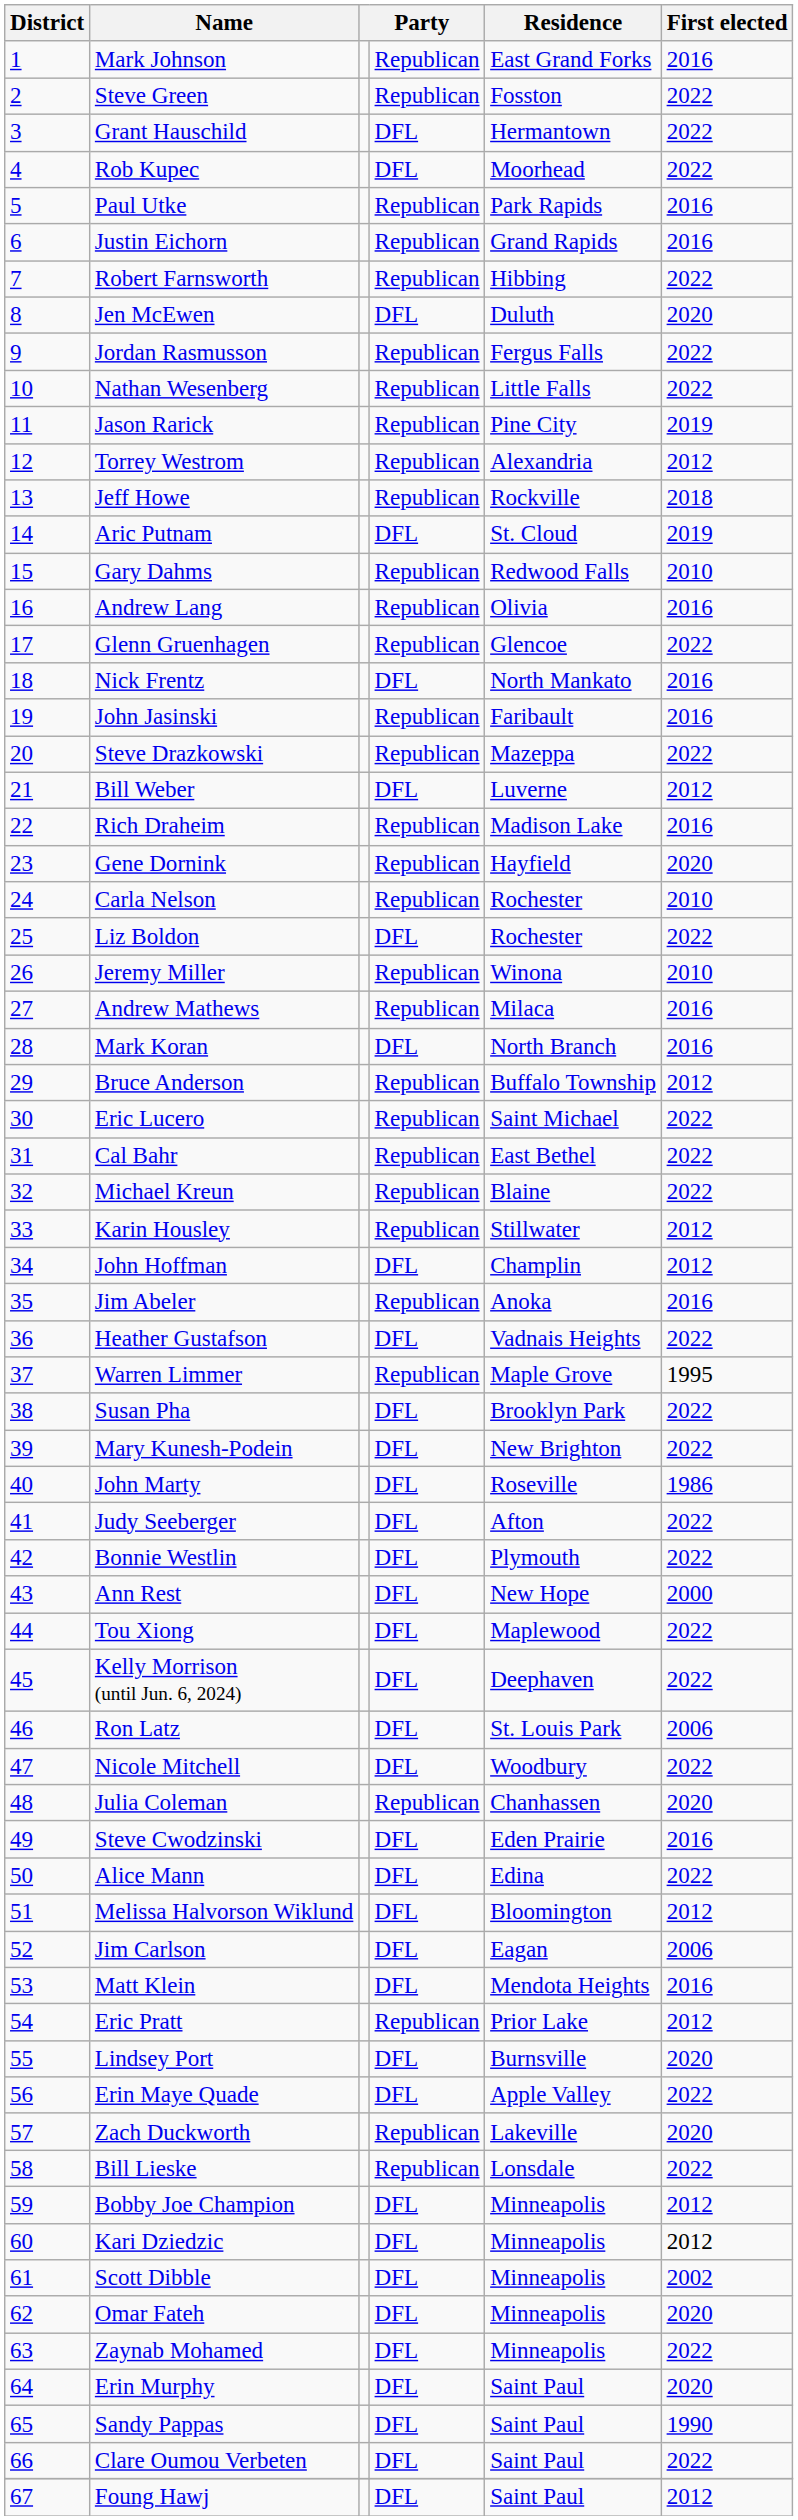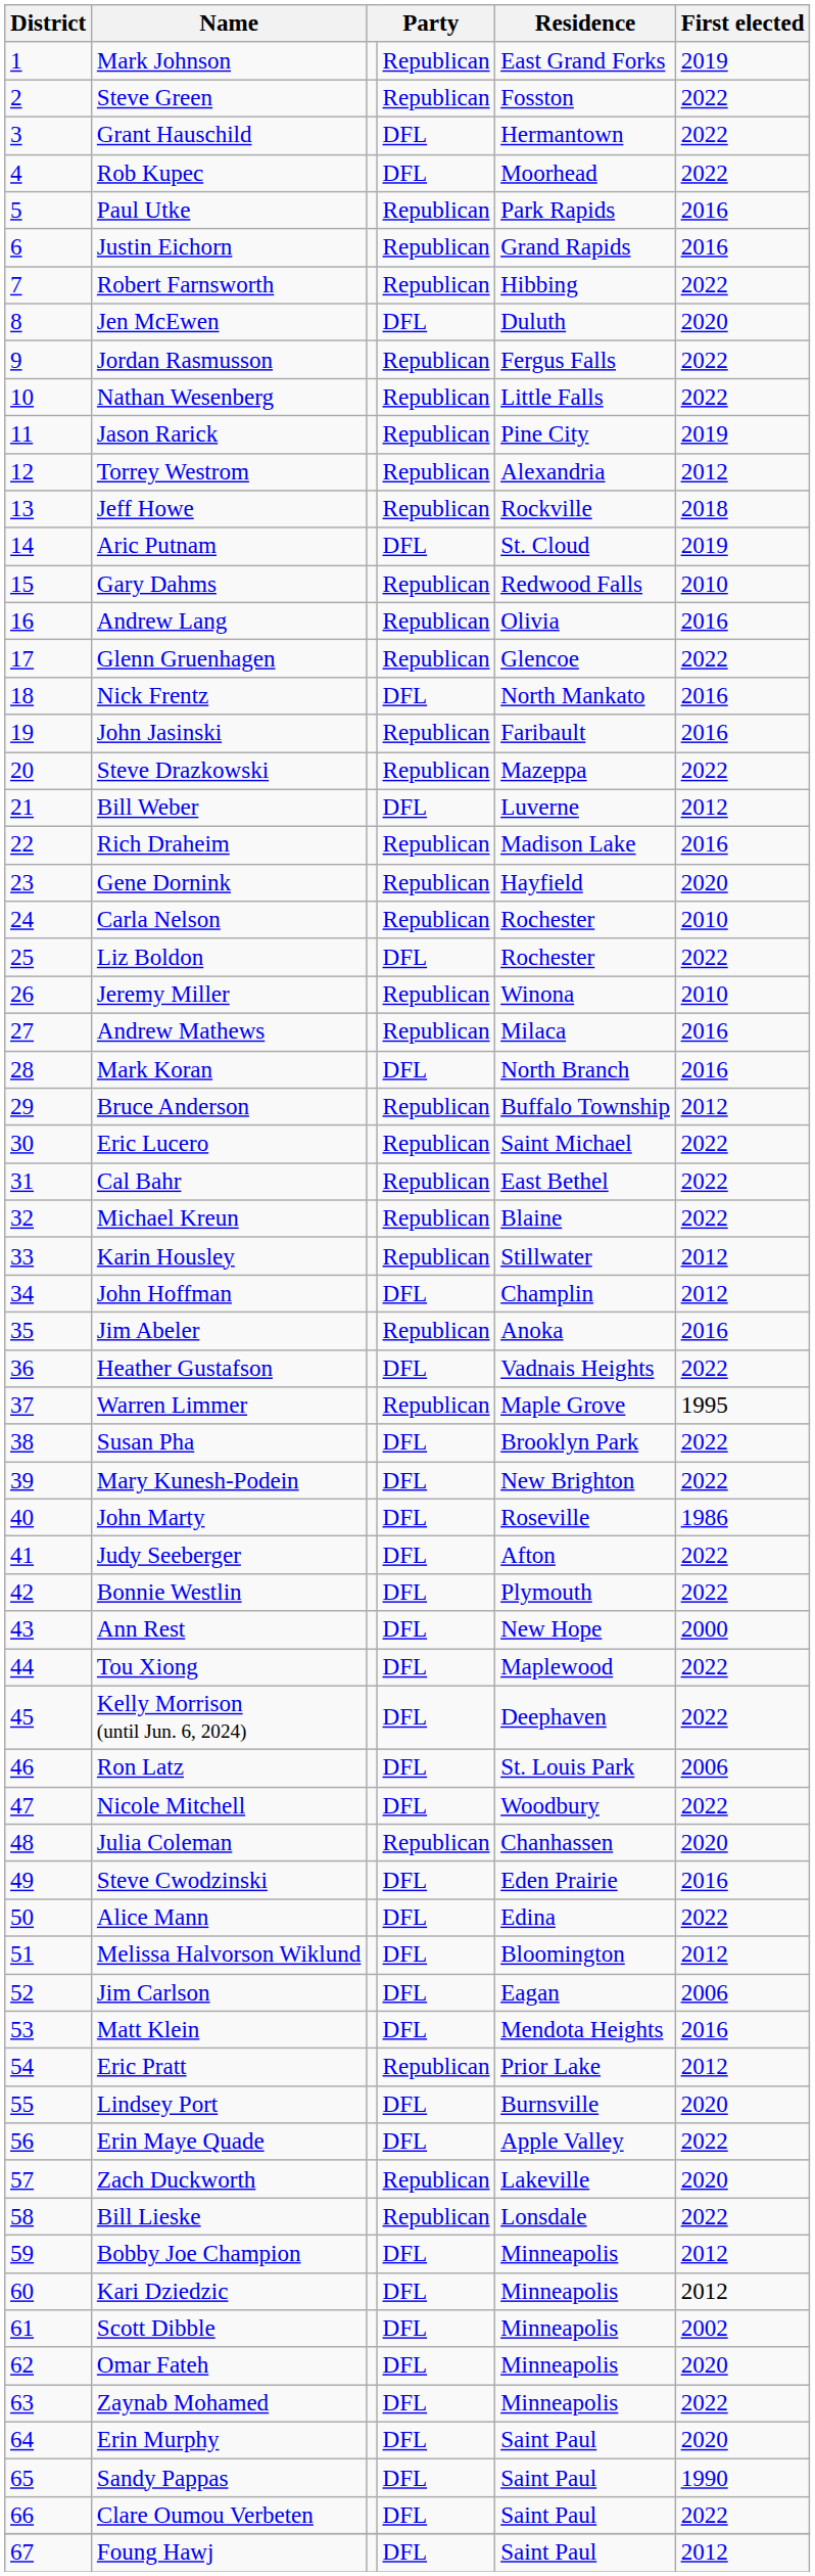 <table class="wikitable sortable">
 <tr>
 <th>District</th>
 <th>Name</th>
 <th colspan=2>Party</th>
 <th>Residence</th>
 <th>First elected</th>
 </tr>
 <tr>
 <td><a href='#'>1</a></td>
 <td data-sort-value="Johnson, Mark"><a href='#'>Mark Johnson</a></td>
 <td style="background:"></td>
 <td><a href='#'>Republican</a></td>
 <td><a href='#'>East Grand Forks</a></td>
-<td><a href='#'>2016</a></td>
+<td><a href='#'>2019</a></td>
 </tr>
 <tr>
 <td><a href='#'>2</a></td>
 <td data-sort-value="Green, Steve"><a href='#'>Steve Green</a></td>
 <td style="background:"></td>
 <td><a href='#'>Republican</a></td>
 <td><a href='#'>Fosston</a></td>
 <td><a href='#'>2022</a></td>
 </tr>
 <tr>
 <td><a href='#'>3</a></td>
 <td data-sort-value="Hauschild, Grant"><a href='#'>Grant Hauschild</a></td>
 <td style="background:"></td>
 <td><a href='#'>DFL</a></td>
 <td><a href='#'>Hermantown</a></td>
 <td><a href='#'>2022</a></td>
 </tr>
 <tr>
 <td><a href='#'>4</a></td>
 <td data-sort-value="Kupec, Rob"><a href='#'>Rob Kupec</a></td>
 <td style="background:"></td>
 <td><a href='#'>DFL</a></td>
 <td><a href='#'>Moorhead</a></td>
 <td><a href='#'>2022</a></td>
 </tr>
 <tr>
 <td><a href='#'>5</a></td>
 <td data-sort-value="Utke, Paul"><a href='#'>Paul Utke</a></td>
 <td style="background:"></td>
 <td><a href='#'>Republican</a></td>
 <td><a href='#'>Park Rapids</a></td>
 <td><a href='#'>2016</a></td>
 </tr>
 <tr>
 <td><a href='#'>6</a></td>
 <td data-sort-value="Eichorn, Justin"><a href='#'>Justin Eichorn</a></td>
 <td style="background:"></td>
 <td><a href='#'>Republican</a></td>
 <td><a href='#'>Grand Rapids</a></td>
 <td><a href='#'>2016</a></td>
 </tr>
 <tr>
 <td><a href='#'>7</a></td>
 <td data-sort-value="Farnsworth, Rob"><a href='#'>Robert Farnsworth</a></td>
 <td style="background:"></td>
 <td><a href='#'>Republican</a></td>
 <td><a href='#'>Hibbing</a></td>
 <td><a href='#'>2022</a></td>
 </tr>
 <tr>
 <td><a href='#'>8</a></td>
 <td data-sort-value="McEwen, Jen"><a href='#'>Jen McEwen</a></td>
 <td style="background:"></td>
 <td><a href='#'>DFL</a></td>
 <td><a href='#'>Duluth</a></td>
 <td><a href='#'>2020</a></td>
 </tr>
 <tr>
 <td><a href='#'>9</a></td>
 <td data-sort-value="Rasmusson, Jordan"><a href='#'>Jordan Rasmusson</a></td>
 <td style="background:"></td>
 <td><a href='#'>Republican</a></td>
 <td><a href='#'>Fergus Falls</a></td>
 <td><a href='#'>2022</a></td>
 </tr>
 <tr>
 <td><a href='#'>10</a></td>
 <td data-sort-value="Wesenberg, Nathan"><a href='#'>Nathan Wesenberg</a></td>
 <td style="background:"></td>
 <td><a href='#'>Republican</a></td>
 <td><a href='#'>Little Falls</a></td>
 <td><a href='#'>2022</a></td>
 </tr>
 <tr>
 <td><a href='#'>11</a></td>
 <td data-sort-value="Rarick, Jason"><a href='#'>Jason Rarick</a></td>
 <td style="background:"></td>
 <td><a href='#'>Republican</a></td>
 <td><a href='#'>Pine City</a></td>
 <td><a href='#'>2019</a></td>
 </tr>
 <tr>
 <td><a href='#'>12</a></td>
 <td data-sort-value="Westrom, Torrey"><a href='#'>Torrey Westrom</a></td>
 <td style="background:"></td>
 <td><a href='#'>Republican</a></td>
 <td><a href='#'>Alexandria</a></td>
 <td><a href='#'>2012</a></td>
 </tr>
 <tr>
 <td><a href='#'>13</a></td>
 <td data-sort-value="Howe, Jeff"><a href='#'>Jeff Howe</a></td>
 <td style="background:"></td>
 <td><a href='#'>Republican</a></td>
 <td><a href='#'>Rockville</a></td>
 <td><a href='#'>2018</a></td>
 </tr>
 <tr>
 <td><a href='#'>14</a></td>
 <td data-sort-value="Putnam, Aric"><a href='#'>Aric Putnam</a></td>
 <td style="background:"></td>
 <td><a href='#'>DFL</a></td>
 <td><a href='#'>St. Cloud</a></td>
 <td><a href='#'>2019</a></td>
 </tr>
 <tr>
 <td><a href='#'>15</a></td>
 <td data-sort-value="Dahms, Gary"><a href='#'>Gary Dahms</a></td>
 <td style="background:"></td>
 <td><a href='#'>Republican</a></td>
 <td><a href='#'>Redwood Falls</a></td>
 <td><a href='#'>2010</a></td>
 </tr>
 <tr>
 <td><a href='#'>16</a></td>
 <td data-sort-value="Lang, Andrew"><a href='#'>Andrew Lang</a></td>
 <td style="background:"></td>
 <td><a href='#'>Republican</a></td>
 <td><a href='#'>Olivia</a></td>
 <td><a href='#'>2016</a></td>
 </tr>
 <tr>
 <td><a href='#'>17</a></td>
 <td data-sort-value="Gruenhagen, Glenn"><a href='#'>Glenn Gruenhagen</a></td>
 <td style="background:"></td>
 <td><a href='#'>Republican</a></td>
 <td><a href='#'>Glencoe</a></td>
 <td><a href='#'>2022</a></td>
 </tr>
 <tr>
 <td><a href='#'>18</a></td>
 <td data-sort-value="Frentz, Nick"><a href='#'>Nick Frentz</a></td>
 <td style="background:"></td>
 <td><a href='#'>DFL</a></td>
 <td><a href='#'>North Mankato</a></td>
 <td><a href='#'>2016</a></td>
 </tr>
 <tr>
 <td><a href='#'>19</a></td>
 <td data-sort-value="Jasinski, John"><a href='#'>John Jasinski</a></td>
 <td style="background:"></td>
 <td><a href='#'>Republican</a></td>
 <td><a href='#'>Faribault</a></td>
 <td><a href='#'>2016</a></td>
 </tr>
 <tr>
 <td><a href='#'>20</a></td>
 <td data-sort-value="Drazkowski, Steve"><a href='#'>Steve Drazkowski</a></td>
 <td style="background:"></td>
 <td><a href='#'>Republican</a></td>
 <td><a href='#'>Mazeppa</a></td>
 <td><a href='#'>2022</a></td>
 </tr>
 <tr>
 <td><a href='#'>21</a></td>
 <td data-sort-value="Weber, Bill"><a href='#'>Bill Weber</a></td>
 <td style="background:"></td>
 <td><a href='#'>DFL</a></td>
 <td><a href='#'>Luverne</a></td>
 <td><a href='#'>2012</a></td>
 </tr>
 <tr>
 <td><a href='#'>22</a></td>
 <td data-sort-value="Draheim, Rich"><a href='#'>Rich Draheim</a></td>
 <td style="background:"></td>
 <td><a href='#'>Republican</a></td>
 <td><a href='#'>Madison Lake</a></td>
 <td><a href='#'>2016</a></td>
 </tr>
 <tr>
 <td><a href='#'>23</a></td>
 <td data-sort-value="Dornik, Gene"><a href='#'>Gene Dornink</a></td>
 <td style="background:"></td>
 <td><a href='#'>Republican</a></td>
 <td><a href='#'>Hayfield</a></td>
 <td><a href='#'>2020</a></td>
 </tr>
 <tr>
 <td><a href='#'>24</a></td>
 <td data-sort-value="Nelson, Carla"><a href='#'>Carla Nelson</a></td>
 <td style="background:"></td>
 <td><a href='#'>Republican</a></td>
 <td><a href='#'>Rochester</a></td>
 <td><a href='#'>2010</a></td>
 </tr>
 <tr>
 <td><a href='#'>25</a></td>
 <td data-sort-value="Boldon, Liz"><a href='#'>Liz Boldon</a></td>
 <td style="background:"></td>
 <td><a href='#'>DFL</a></td>
 <td><a href='#'>Rochester</a></td>
 <td><a href='#'>2022</a></td>
 </tr>
 <tr>
 <td><a href='#'>26</a></td>
 <td data-sort-value="Miller, Jeremy"><a href='#'>Jeremy Miller</a></td>
 <td style="background:"></td>
 <td><a href='#'>Republican</a></td>
 <td><a href='#'>Winona</a></td>
 <td><a href='#'>2010</a></td>
 </tr>
 <tr>
 <td><a href='#'>27</a></td>
 <td data-sort-value="Mathews, Andrew"><a href='#'>Andrew Mathews</a></td>
 <td style="background:"></td>
 <td><a href='#'>Republican</a></td>
 <td><a href='#'>Milaca</a></td>
 <td><a href='#'>2016</a></td>
 </tr>
 <tr>
 <td><a href='#'>28</a></td>
 <td data-sort-value="Koran, Mark"><a href='#'>Mark Koran</a></td>
 <td style="background:"></td>
 <td><a href='#'>DFL</a></td>
 <td><a href='#'>North Branch</a></td>
 <td><a href='#'>2016</a></td>
 </tr>
 <tr>
 <td><a href='#'>29</a></td>
 <td data-sort-value="Anderson, Bruce"><a href='#'>Bruce Anderson</a></td>
 <td style="background:"></td>
 <td><a href='#'>Republican</a></td>
 <td><a href='#'>Buffalo Township</a></td>
 <td><a href='#'>2012</a></td>
 </tr>
 <tr>
 <td><a href='#'>30</a></td>
 <td data-sort-value="Lucero, Eric"><a href='#'>Eric Lucero</a></td>
 <td style="background:"></td>
 <td><a href='#'>Republican</a></td>
 <td><a href='#'>Saint Michael</a></td>
 <td><a href='#'>2022</a></td>
 </tr>
 <tr>
 <td><a href='#'>31</a></td>
 <td data-sort-value="Bahr, Cal"><a href='#'>Cal Bahr</a></td>
 <td style="background:"></td>
 <td><a href='#'>Republican</a></td>
 <td><a href='#'>East Bethel</a></td>
 <td><a href='#'>2022</a></td>
 </tr>
 <tr>
 <td><a href='#'>32</a></td>
 <td data-sort-value="Kreun, Michael"><a href='#'>Michael Kreun</a></td>
 <td style="background:"></td>
 <td><a href='#'>Republican</a></td>
 <td><a href='#'>Blaine</a></td>
 <td><a href='#'>2022</a></td>
 </tr>
 <tr>
 <td><a href='#'>33</a></td>
 <td data-sort-value="Housley, Karin"><a href='#'>Karin Housley</a></td>
 <td style="background:"></td>
 <td><a href='#'>Republican</a></td>
 <td><a href='#'>Stillwater</a></td>
 <td><a href='#'>2012</a></td>
 </tr>
 <tr>
 <td><a href='#'>34</a></td>
 <td data-sort-value="Hoffman, John"><a href='#'>John Hoffman</a></td>
 <td style="background:"></td>
 <td><a href='#'>DFL</a></td>
 <td><a href='#'>Champlin</a></td>
 <td><a href='#'>2012</a></td>
 </tr>
 <tr>
 <td><a href='#'>35</a></td>
 <td data-sort-value="Abeler, Jim"><a href='#'>Jim Abeler</a></td>
 <td style="background:"></td>
 <td><a href='#'>Republican</a></td>
 <td><a href='#'>Anoka</a></td>
 <td><a href='#'>2016</a></td>
 </tr>
 <tr>
 <td><a href='#'>36</a></td>
 <td data-sort-value="Gustafson, Heather"><a href='#'>Heather Gustafson</a></td>
 <td style="background:"></td>
 <td><a href='#'>DFL</a></td>
 <td><a href='#'>Vadnais Heights</a></td>
 <td><a href='#'>2022</a></td>
 </tr>
 <tr>
 <td><a href='#'>37</a></td>
 <td data-sort-value="Limmer, Warren"><a href='#'>Warren Limmer</a></td>
 <td style="background:"></td>
 <td><a href='#'>Republican</a></td>
 <td><a href='#'>Maple Grove</a></td>
 <td>1995</td>
 </tr>
 <tr>
 <td><a href='#'>38</a></td>
 <td data-sort-value="Pha, Susan"><a href='#'>Susan Pha</a></td>
 <td style="background:"></td>
 <td><a href='#'>DFL</a></td>
 <td><a href='#'>Brooklyn Park</a></td>
 <td><a href='#'>2022</a></td>
 </tr>
 <tr>
 <td><a href='#'>39</a></td>
 <td data-sort-value="Kunesh-Podein, Mary"><a href='#'>Mary Kunesh-Podein</a></td>
 <td style="background:"></td>
 <td><a href='#'>DFL</a></td>
 <td><a href='#'>New Brighton</a></td>
 <td><a href='#'>2022</a></td>
 </tr>
 <tr>
 <td><a href='#'>40</a></td>
 <td data-sort-value="Marty, John"><a href='#'>John Marty</a></td>
 <td style="background:"></td>
 <td><a href='#'>DFL</a></td>
 <td><a href='#'>Roseville</a></td>
 <td><a href='#'>1986</a></td>
 </tr>
 <tr>
 <td><a href='#'>41</a></td>
 <td data-sort-value="Seeberger, Judy"><a href='#'>Judy Seeberger</a></td>
 <td style="background:"></td>
 <td><a href='#'>DFL</a></td>
 <td><a href='#'>Afton</a></td>
 <td><a href='#'>2022</a></td>
 </tr>
 <tr>
 <td><a href='#'>42</a></td>
 <td data-sort-value="Westlin, Bonnie"><a href='#'>Bonnie Westlin</a></td>
 <td style="background:"></td>
 <td><a href='#'>DFL</a></td>
 <td><a href='#'>Plymouth</a></td>
 <td><a href='#'>2022</a></td>
 </tr>
 <tr>
 <td><a href='#'>43</a></td>
 <td data-sort-value="Rest, Ann"><a href='#'>Ann Rest</a></td>
 <td style="background:"></td>
 <td><a href='#'>DFL</a></td>
 <td><a href='#'>New Hope</a></td>
 <td><a href='#'>2000</a></td>
 </tr>
 <tr>
 <td><a href='#'>44</a></td>
 <td data-sort-value="Xiong, Tou"><a href='#'>Tou Xiong</a></td>
 <td style="background:"></td>
 <td><a href='#'>DFL</a></td>
 <td><a href='#'>Maplewood</a></td>
 <td><a href='#'>2022</a></td>
 </tr>
 <tr>
 <td><a href='#'>45</a></td>
 <td data-sort-value="Morrison, Kelly"><a href='#'>Kelly Morrison</a><br><small>(until Jun. 6, 2024)</small></td>
 <td style="background:"></td>
 <td><a href='#'>DFL</a></td>
 <td><a href='#'>Deephaven</a></td>
 <td><a href='#'>2022</a></td>
 </tr>
 <tr>
 <td><a href='#'>46</a></td>
 <td data-sort-value="Latz, Ron"><a href='#'>Ron Latz</a></td>
 <td style="background:"></td>
 <td><a href='#'>DFL</a></td>
 <td><a href='#'>St. Louis Park</a></td>
 <td><a href='#'>2006</a></td>
 </tr>
 <tr>
 <td><a href='#'>47</a></td>
 <td data-sort-value="Mitchell, Nicole"><a href='#'>Nicole Mitchell</a></td>
 <td style="background:"></td>
 <td><a href='#'>DFL</a></td>
 <td><a href='#'>Woodbury</a></td>
 <td><a href='#'>2022</a></td>
 </tr>
 <tr>
 <td><a href='#'>48</a></td>
 <td data-sort-value="Coleman, Julia"><a href='#'>Julia Coleman</a></td>
 <td style="background:"></td>
 <td><a href='#'>Republican</a></td>
 <td><a href='#'>Chanhassen</a></td>
 <td><a href='#'>2020</a></td>
 </tr>
 <tr>
 <td><a href='#'>49</a></td>
 <td data-sort-value="Cwodzinski, Steve"><a href='#'>Steve Cwodzinski</a></td>
 <td style="background:"></td>
 <td><a href='#'>DFL</a></td>
 <td><a href='#'>Eden Prairie</a></td>
 <td><a href='#'>2016</a></td>
 </tr>
 <tr>
 <td><a href='#'>50</a></td>
 <td data-sort-value="Mann, Alice"><a href='#'>Alice Mann</a></td>
 <td style="background:"></td>
 <td><a href='#'>DFL</a></td>
 <td><a href='#'>Edina</a></td>
 <td><a href='#'>2022</a></td>
 </tr>
 <tr>
 <td><a href='#'>51</a></td>
 <td data-sort-value="Wiklund, Melissa Halvorson"><a href='#'>Melissa Halvorson Wiklund</a></td>
 <td style="background:"></td>
 <td><a href='#'>DFL</a></td>
 <td><a href='#'>Bloomington</a></td>
 <td><a href='#'>2012</a></td>
 </tr>
 <tr>
 <td><a href='#'>52</a></td>
 <td data-sort-value="Carlson, Jim"><a href='#'>Jim Carlson</a></td>
 <td style="background:"></td>
 <td><a href='#'>DFL</a></td>
 <td><a href='#'>Eagan</a></td>
 <td data-sort-value="2006"><a href='#'>2006</a></td>
 </tr>
 <tr>
 <td><a href='#'>53</a></td>
 <td data-sort-value="Klein, Matt"><a href='#'>Matt Klein</a></td>
 <td style="background:"></td>
 <td><a href='#'>DFL</a></td>
 <td><a href='#'>Mendota Heights</a></td>
 <td><a href='#'>2016</a></td>
 </tr>
 <tr>
 <td><a href='#'>54</a></td>
 <td data-sort-value="Pratt, Eric"><a href='#'>Eric Pratt</a></td>
 <td style="background:"></td>
 <td><a href='#'>Republican</a></td>
 <td><a href='#'>Prior Lake</a></td>
 <td><a href='#'>2012</a></td>
 </tr>
 <tr>
 <td><a href='#'>55</a></td>
 <td data-sort-value="Port, Lindsey"><a href='#'>Lindsey Port</a></td>
 <td style="background:"></td>
 <td><a href='#'>DFL</a></td>
 <td><a href='#'>Burnsville</a></td>
 <td><a href='#'>2020</a></td>
 </tr>
 <tr>
 <td><a href='#'>56</a></td>
 <td data-sort-value="Maye Quade, Erin"><a href='#'>Erin Maye Quade</a></td>
 <td style="background:"></td>
 <td><a href='#'>DFL</a></td>
 <td><a href='#'>Apple Valley</a></td>
 <td><a href='#'>2022</a></td>
 </tr>
 <tr>
 <td><a href='#'>57</a></td>
 <td data-sort-value="Duckworth, Zach"><a href='#'>Zach Duckworth</a></td>
 <td style="background:"></td>
 <td><a href='#'>Republican</a></td>
 <td><a href='#'>Lakeville</a></td>
 <td><a href='#'>2020</a></td>
 </tr>
 <tr>
 <td><a href='#'>58</a></td>
 <td data-sort-value="Lieske, Bill"><a href='#'>Bill Lieske</a></td>
 <td style="background:"></td>
 <td><a href='#'>Republican</a></td>
 <td><a href='#'>Lonsdale</a></td>
 <td><a href='#'>2022</a></td>
 </tr>
 <tr>
 <td><a href='#'>59</a></td>
 <td data-sort-value="Champion, Bobby Joe"><a href='#'>Bobby Joe Champion</a></td>
 <td style="background:"></td>
 <td><a href='#'>DFL</a></td>
 <td><a href='#'>Minneapolis</a></td>
 <td><a href='#'>2012</a></td>
 </tr>
 <tr>
 <td><a href='#'>60</a></td>
 <td data-sort-value="Dziedzic, Kari"><a href='#'>Kari Dziedzic</a></td>
 <td style="background:"></td>
 <td><a href='#'>DFL</a></td>
 <td><a href='#'>Minneapolis</a></td>
 <td>2012</td>
 </tr>
 <tr>
 <td><a href='#'>61</a></td>
 <td data-sort-value="Dibble, Scott"><a href='#'>Scott Dibble</a></td>
 <td style="background:"></td>
 <td><a href='#'>DFL</a></td>
 <td><a href='#'>Minneapolis</a></td>
 <td><a href='#'>2002</a></td>
 </tr>
 <tr>
 <td><a href='#'>62</a></td>
 <td data-sort-value="Fateh, Omar"><a href='#'>Omar Fateh</a></td>
 <td style="background:"></td>
 <td><a href='#'>DFL</a></td>
 <td><a href='#'>Minneapolis</a></td>
 <td><a href='#'>2020</a></td>
 </tr>
 <tr>
 <td><a href='#'>63</a></td>
 <td data-sort-value="Mohamed, Zaynab"><a href='#'>Zaynab Mohamed</a></td>
 <td style="background:"></td>
 <td><a href='#'>DFL</a></td>
 <td><a href='#'>Minneapolis</a></td>
 <td><a href='#'>2022</a></td>
 </tr>
 <tr>
 <td><a href='#'>64</a></td>
 <td data-sort-value="Murphy, Erin"><a href='#'>Erin Murphy</a></td>
 <td style="background:"></td>
 <td><a href='#'>DFL</a></td>
 <td><a href='#'>Saint Paul</a></td>
 <td><a href='#'>2020</a></td>
 </tr>
 <tr>
 <td><a href='#'>65</a></td>
 <td data-sort-value="Pappas, Sandy"><a href='#'>Sandy Pappas</a></td>
 <td style="background:"></td>
 <td><a href='#'>DFL</a></td>
 <td><a href='#'>Saint Paul</a></td>
 <td><a href='#'>1990</a></td>
 </tr>
 <tr>
 <td><a href='#'>66</a></td>
 <td data-sort-value="Oumou Verbeten, Clare"><a href='#'>Clare Oumou Verbeten</a></td>
 <td style="background:"></td>
 <td><a href='#'>DFL</a></td>
 <td><a href='#'>Saint Paul</a></td>
 <td><a href='#'>2022</a></td>
 </tr>
 <tr>
 </tr>
 <tr>
 <td><a href='#'>67</a></td>
 <td data-sort-value="Hawj, Foung"><a href='#'>Foung Hawj</a></td>
 <td style="background:"></td>
 <td><a href='#'>DFL</a></td>
 <td><a href='#'>Saint Paul</a></td>
 <td><a href='#'>2012</a></td>
 </tr>
 </table>
